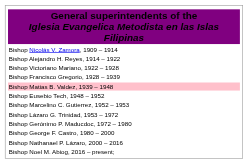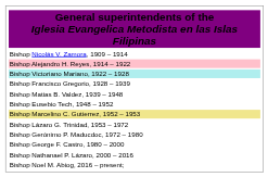 <table style="margin:1em 1em 1em 1em; width:24em; border: 1px solid #a0a0a0; padding: 2px; bg-color=yellow; text-align:right;">
 <tr style="text-align:center;">
 </tr>
 <tr bgcolor="purple" align="center">
 <td><span><strong>General superintendents of the <br><em>Iglesia Evangelica Metodista en las Islas Filipinas<strong><em></span></td>
 </tr>
 <tr style="text-align:left; font-size:x-small;">
 <td></strong>Bishop <a href='#'>Nicolás V. Zamora</a>, 1909 – 1914<strong></td>
 </tr>
 <tr style="text-align:left; font-size:x-small;">
-<td></strong>Bishop Alejandro H. Reyes, 1914 – 1922<strong></td>
+<td style="background: pink;"></strong>Bishop Alejandro H. Reyes, 1914 – 1922<strong></td>
 </tr>
 <tr style="text-align:left; font-size:x-small;">
-<td></strong>Bishop Victoriano Mariano, 1922 – 1928<strong></td>
+<td style="background: paleturquoise;"></strong>Bishop Victoriano Mariano, 1922 – 1928<strong></td>
 </tr>
 <tr style="text-align:left; font-size:x-small;">
 <td></strong>Bishop Francisco Gregorio, 1928 – 1939<strong></td>
 </tr>
 <tr style="text-align:left; font-size:x-small;">
-<td style="background: pink;"></strong>Bishop Matias B. Valdez, 1939 – 1948<strong></td>
+<td></strong>Bishop Matias B. Valdez, 1939 – 1948<strong></td>
 </tr>
 <tr style="text-align:left; font-size:x-small;">
 <td></strong>Bishop Eusebio Tech, 1948 – 1952<strong></td>
 </tr>
 <tr style="text-align:left; font-size:x-small;">
-<td></strong>Bishop Marcelino C. Gutierrez, 1952 – 1953<strong></td>
+<td style="background: khaki;"></strong>Bishop Marcelino C. Gutierrez, 1952 – 1953<strong></td>
 </tr>
 <tr style="text-align:left; font-size:x-small;">
 <td></strong>Bishop Lázaro G. Trinidad, 1953 – 1972<strong></td>
 </tr>
 <tr style="text-align:left; font-size:x-small;">
 <td></strong>Bishop Gerónimo P. Maducdoc, 1972 – 1980<strong></td>
 </tr>
 <tr style="text-align:left; font-size:x-small;">
 <td></strong>Bishop George F. Castro, 1980 – 2000<strong></td>
 </tr>
 <tr style="text-align:left; font-size:x-small;">
 <td></strong>Bishop Nathanael P. Lázaro, 2000 – 2016<strong></td>
 </tr>
 <tr style="text-align:left; font-size:x-small;">
 <td></strong>Bishop Noel M. Abiog, 2016 – present;<strong></td>
 </tr>
 </table>
